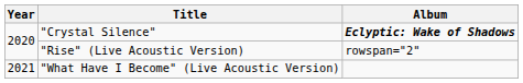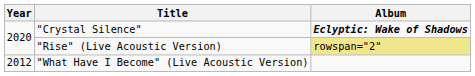 <table class="wikitable sortable">
 <tr>
 <th>Year</th>
 <th>Title</th>
 <th>Album</th>
 </tr>
 <tr>
 <td rowspan="2">2020</td>
 <td>"Crystal Silence"</td>
 <td><strong><em>Eclyptic: Wake of Shadows</em></strong></td>
 </tr>
 <tr>
 <td>"Rise" (Live Acoustic Version)</td>
-<td>rowspan="2" </td>
+<td style="background: khaki;">rowspan="2" </td>
 </tr>
 <tr>
-<td>2021</td>
+<td>2012</td>
 <td>"What Have I Become" (Live Acoustic Version)</td>
 </tr>
 </table>
